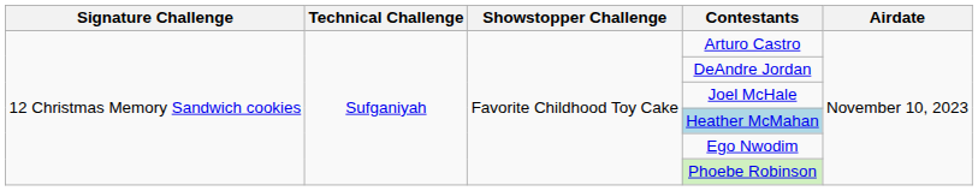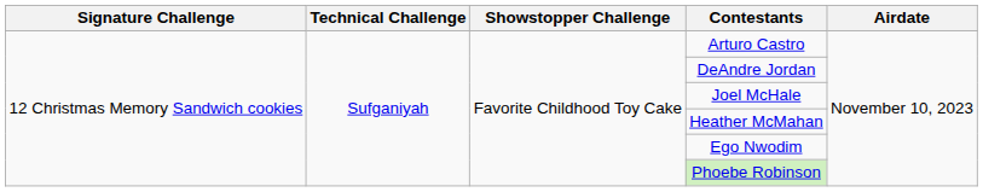 <table class="wikitable" style="text-align:center;">
 <tr>
 <th scope="col">Signature Challenge</th>
 <th scope="col">Technical Challenge</th>
 <th scope="col">Showstopper Challenge</th>
 <th scope="col">Contestants</th>
 <th scope="col">Airdate</th>
 </tr>
 <tr>
 <td rowspan=6>12 Christmas Memory <a href='#'>Sandwich cookies</a></td>
 <td rowspan=6><a href='#'>Sufganiyah</a></td>
 <td rowspan=6>Favorite Childhood Toy Cake</td>
 <td><a href='#'> Arturo Castro</a></td>
 <td rowspan=6>November 10, 2023</td>
 </tr>
 <tr>
 <td><a href='#'>DeAndre Jordan</a></td>
 </tr>
 <tr>
 <td><a href='#'>Joel McHale</a></td>
 </tr>
 <tr>
-<td style="background: lightblue;"><a href='#'>Heather McMahan</a></td>
+<td><a href='#'>Heather McMahan</a></td>
 </tr>
 <tr>
 <td><a href='#'>Ego Nwodim</a></td>
 </tr>
 <tr>
 <td style="background:#d0f0c0"><a href='#'>Phoebe Robinson</a></td>
 </tr>
 </table>
